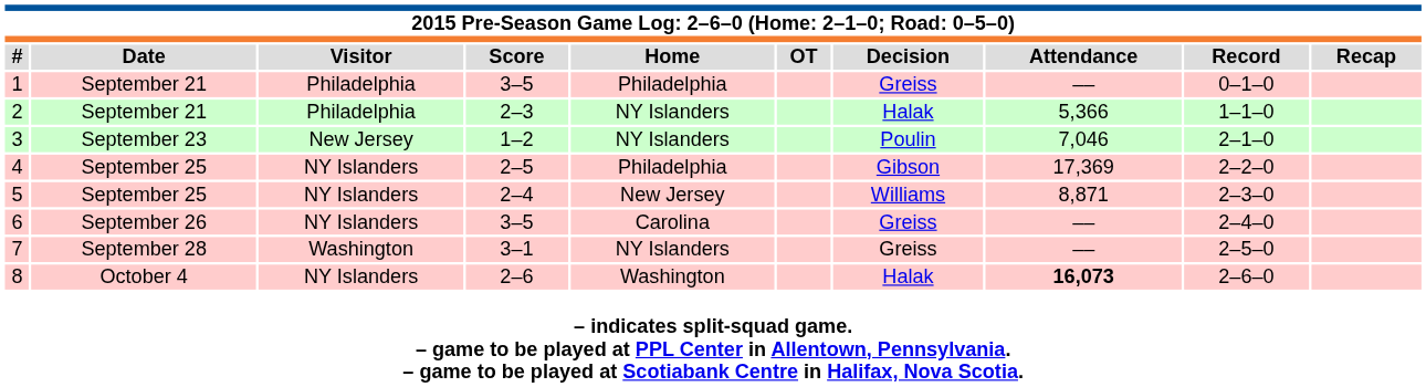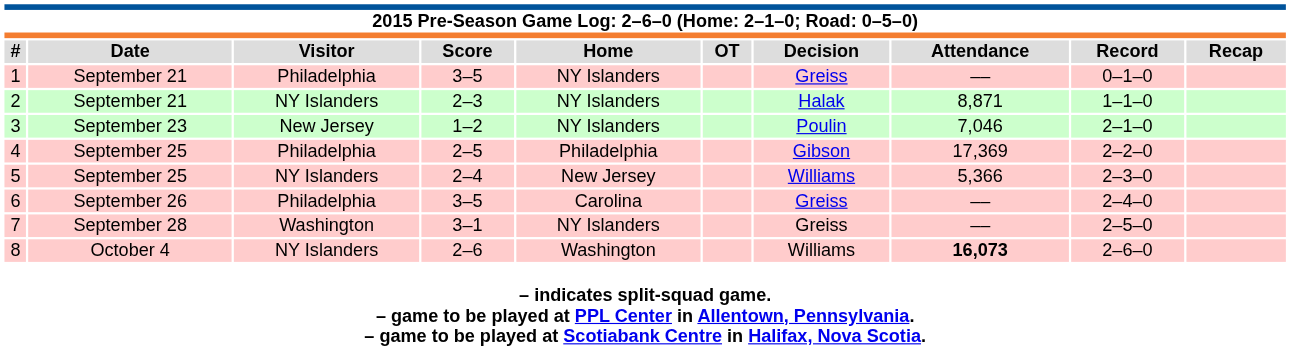 <table class="toccolours collapsible collapsed" style="width:90%; clear:both; margin:1.5em auto; text-align:center;">
 <tr>
 <th colspan=10 style="background:#fff; border-top:#00539B 5px solid; border-bottom:#F47D30 5px solid;">2015 Pre-Season Game Log: 2–6–0 (Home: 2–1–0; Road: 0–5–0)</th>
 </tr>
 <tr style="text-align:center; background:#ddd;">
 <th>#</th>
 <th>Date</th>
 <th>Visitor</th>
 <th>Score</th>
 <th>Home</th>
 <th>OT</th>
 <th>Decision</th>
 <th>Attendance</th>
 <th>Record</th>
 <th>Recap</th>
 </tr>
 <tr style="text-align:center; background:#fcc;">
 <td>1</td>
 <td>September 21</td>
 <td>Philadelphia</td>
 <td>3–5</td>
-<td>Philadelphia</td>
+<td>NY Islanders</td>
 <td></td>
 <td><a href='#'>Greiss</a></td>
 <td>––</td>
 <td>0–1–0</td>
 <td></td>
 </tr>
 <tr style="text-align:center; background:#cfc;">
 <td>2</td>
 <td>September 21</td>
-<td>Philadelphia</td>
+<td>NY Islanders</td>
 <td>2–3</td>
 <td>NY Islanders</td>
 <td></td>
 <td><a href='#'>Halak</a></td>
-<td>5,366</td>
+<td>8,871</td>
 <td>1–1–0</td>
 <td></td>
 </tr>
 <tr style="text-align:center; background:#cfc;">
 <td>3</td>
 <td>September 23</td>
 <td>New Jersey</td>
 <td>1–2</td>
 <td>NY Islanders</td>
 <td></td>
 <td><a href='#'>Poulin</a></td>
 <td>7,046</td>
 <td>2–1–0</td>
 <td></td>
 </tr>
 <tr style="text-align:center; background:#fcc;">
 <td>4</td>
 <td>September 25</td>
-<td>NY Islanders</td>
+<td>Philadelphia</td>
 <td>2–5</td>
 <td>Philadelphia</td>
 <td></td>
 <td><a href='#'>Gibson</a></td>
 <td>17,369</td>
 <td>2–2–0</td>
 <td></td>
 </tr>
 <tr style="text-align:center; background:#fcc;">
 <td>5</td>
 <td>September 25</td>
 <td>NY Islanders</td>
 <td>2–4</td>
 <td>New Jersey</td>
 <td></td>
 <td><a href='#'>Williams</a></td>
-<td>8,871</td>
+<td>5,366</td>
 <td>2–3–0</td>
 <td></td>
 </tr>
 <tr style="text-align:center; background:#fcc;">
 <td>6</td>
 <td>September 26</td>
-<td>NY Islanders</td>
+<td>Philadelphia</td>
 <td>3–5</td>
 <td>Carolina</td>
 <td></td>
 <td><a href='#'>Greiss</a></td>
 <td>––</td>
 <td>2–4–0</td>
 <td></td>
 </tr>
 <tr style="text-align:center; background:#fcc;">
 <td>7</td>
 <td>September 28</td>
 <td>Washington</td>
 <td>3–1</td>
 <td>NY Islanders</td>
 <td></td>
 <td>Greiss</td>
 <td>––</td>
 <td>2–5–0</td>
 <td></td>
 </tr>
 <tr style="text-align:center; background:#fcc;">
 <td>8</td>
 <td>October 4</td>
 <td>NY Islanders</td>
 <td>2–6</td>
 <td>Washington</td>
 <td></td>
-<td><a href='#'>Halak</a></td>
+<td>Williams</td>
 <td><strong>16,073</strong></td>
 <td>2–6–0</td>
 <td></td>
 </tr>
 <tr>
 <th colspan=99><br> – indicates split-squad game.<br>  – game to be played at <a href='#'>PPL Center</a> in <a href='#'>Allentown, Pennsylvania</a>.<br>  – game to be played at <a href='#'>Scotiabank Centre</a> in <a href='#'>Halifax, Nova Scotia</a>.</th>
 </tr>
 </table>
